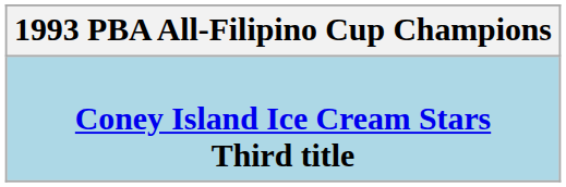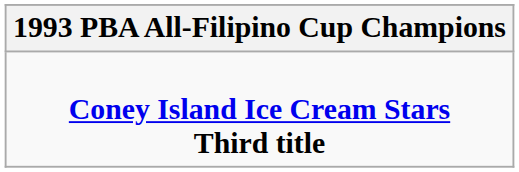 <table class=wikitable style="text-align:center; margin:auto">
 <tr>
 <th>1993 PBA All-Filipino Cup Champions</th>
 </tr>
 <tr>
-<td style="background: lightblue;"><br> <strong><a href='#'>Coney Island Ice Cream Stars</a></strong> <br> <strong>Third title</strong></td>
+<td><br> <strong><a href='#'>Coney Island Ice Cream Stars</a></strong> <br> <strong>Third title</strong></td>
 </tr>
 </table>
